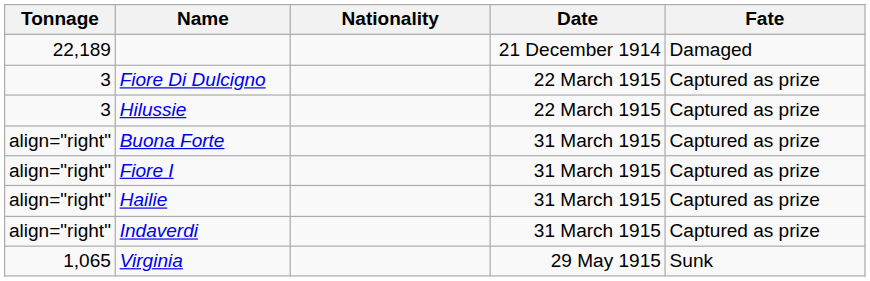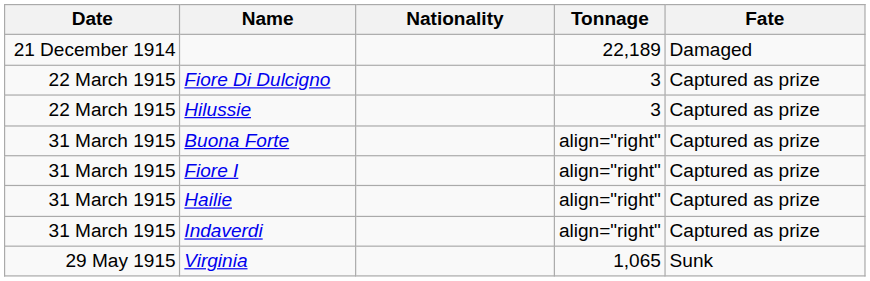 <table class="wikitable sortable">
 <tr>
-<th width="25px">Tonnage</th>
+<th width="140px">Date</th>
 <th width="140px">Name</th>
 <th width="160px">Nationality</th>
-<th width="140px">Date</th>
+<th width="25px">Tonnage</th>
 <th width="160px">Fate</th>
 </tr>
 <tr>
-<td align="right">22,189</td>
+<td align="right">21 December 1914</td>
 <td align="left"></td>
 <td align="left"></td>
-<td align="right">21 December 1914</td>
+<td align="right">22,189</td>
 <td align="left">Damaged</td>
 </tr>
 <tr>
-<td align="right">3</td>
+<td align="right">22 March 1915</td>
 <td align="left"><a href='#'><em>Fiore Di Dulcigno</em></a></td>
 <td align="left"></td>
-<td align="right">22 March 1915</td>
+<td align="right">3</td>
 <td align="left">Captured as prize</td>
 </tr>
 <tr>
-<td align="right">3</td>
+<td align="right">22 March 1915</td>
 <td align="left"><a href='#'><em>Hilussie</em></a></td>
 <td align="left"></td>
-<td align="right">22 March 1915</td>
+<td align="right">3</td>
 <td align="left">Captured as prize</td>
 </tr>
 <tr>
-<td>align="right"</td>
+<td align="right">31 March 1915</td>
 <td align="left"><a href='#'><em>Buona Forte</em></a></td>
 <td align="left"></td>
-<td align="right">31 March 1915</td>
+<td>align="right"</td>
 <td align="left">Captured as prize</td>
 </tr>
 <tr>
-<td>align="right"</td>
+<td align="right">31 March 1915</td>
 <td align="left"><a href='#'><em>Fiore I</em></a></td>
 <td align="left"></td>
-<td align="right">31 March 1915</td>
+<td>align="right"</td>
 <td align="left">Captured as prize</td>
 </tr>
 <tr>
-<td>align="right"</td>
+<td align="right">31 March 1915</td>
 <td align="left"><a href='#'><em>Hailie</em></a></td>
 <td align="left"></td>
-<td align="right">31 March 1915</td>
+<td>align="right"</td>
 <td align="left">Captured as prize</td>
 </tr>
 <tr>
-<td>align="right"</td>
+<td align="right">31 March 1915</td>
 <td align="left"><a href='#'><em>Indaverdi</em></a></td>
 <td align="left"></td>
-<td align="right">31 March 1915</td>
+<td>align="right"</td>
 <td align="left">Captured as prize</td>
 </tr>
 <tr>
-<td align="right">1,065</td>
+<td align="right">29 May 1915</td>
 <td align="left"><a href='#'><em>Virginia</em></a></td>
 <td align="left"></td>
-<td align="right">29 May 1915</td>
+<td align="right">1,065</td>
 <td align="left">Sunk</td>
 </tr>
 </table>
